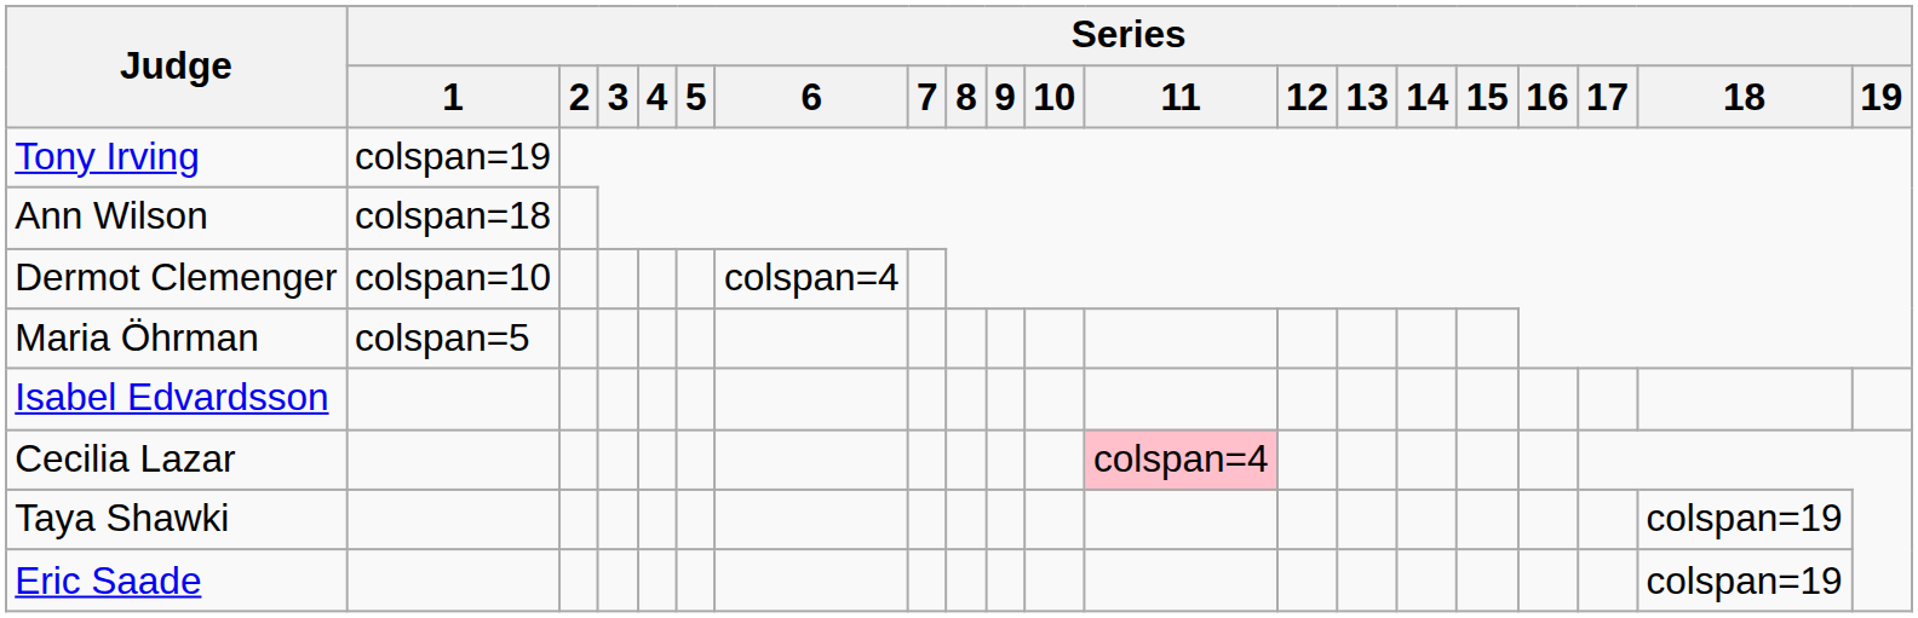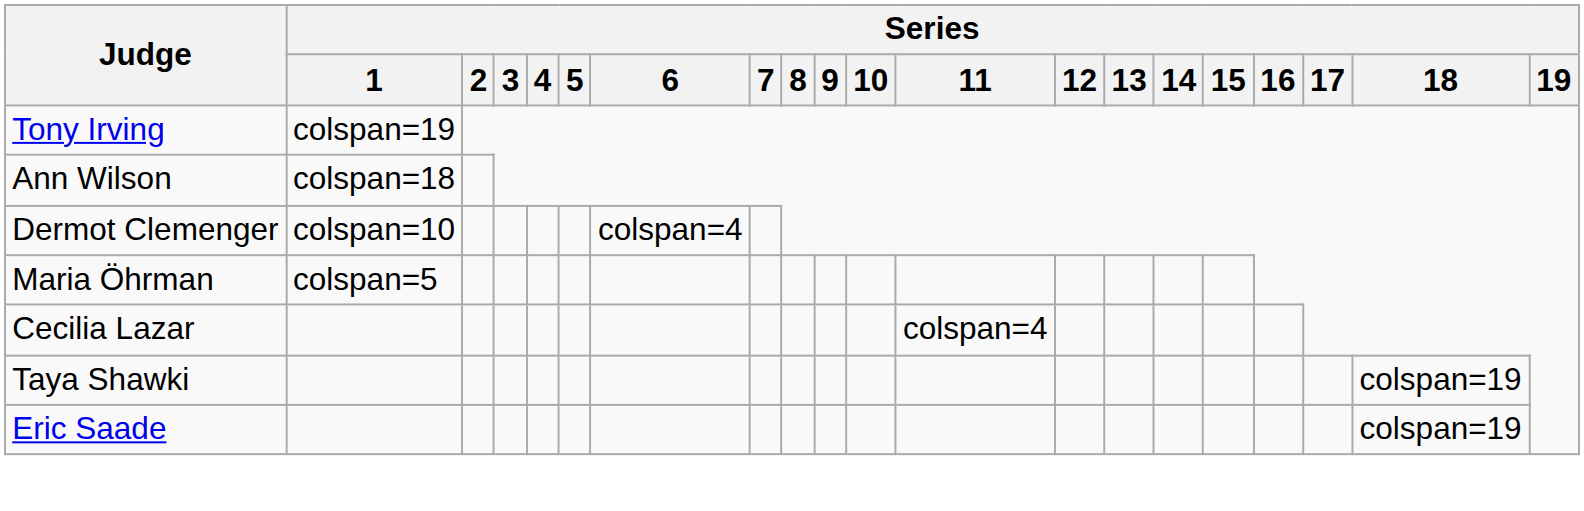 <table class="wikitable">
 <tr>
 <th rowspan="2">Judge</th>
 <th colspan="19" style="text-align:center;">Series</th>
 </tr>
 <tr>
 <th>1</th>
 <th>2</th>
 <th>3</th>
 <th>4</th>
 <th>5</th>
 <th>6</th>
 <th>7</th>
 <th>8</th>
 <th>9</th>
 <th>10</th>
 <th>11</th>
 <th>12</th>
 <th>13</th>
 <th>14</th>
 <th>15</th>
 <th>16</th>
 <th>17</th>
 <th>18</th>
 <th>19</th>
 </tr>
 <tr>
 <td><a href='#'>Tony Irving</a></td>
 <td>colspan=19 </td>
 </tr>
 <tr>
 <td>Ann Wilson</td>
 <td>colspan=18 </td>
 <td></td>
 </tr>
 <tr>
 <td>Dermot Clemenger</td>
 <td>colspan=10 </td>
 <td></td>
 <td></td>
 <td></td>
 <td></td>
 <td>colspan=4 </td>
 <td></td>
 </tr>
 <tr>
 <td>Maria Öhrman</td>
 <td>colspan=5 </td>
 <td></td>
 <td></td>
 <td></td>
 <td></td>
 <td></td>
 <td></td>
 <td></td>
 <td></td>
 <td></td>
 <td></td>
 <td></td>
 <td></td>
 <td></td>
 <td></td>
 </tr>
 <tr>
-<td><a href='#'>Isabel Edvardsson</a></td>
-<td></td>
-<td></td>
-<td></td>
-<td></td>
-<td></td>
-<td></td>
-<td></td>
-<td></td>
-<td></td>
-<td></td>
-<td></td>
-<td></td>
-<td></td>
-<td></td>
-<td></td>
-<td></td>
-<td></td>
-<td></td>
-<td></td>
-</tr>
-<tr>
 <td>Cecilia Lazar</td>
 <td></td>
 <td></td>
 <td></td>
 <td></td>
 <td></td>
 <td></td>
 <td></td>
 <td></td>
 <td></td>
 <td></td>
-<td style="background: pink;">colspan=4 </td>
+<td>colspan=4 </td>
 <td></td>
 <td></td>
 <td></td>
 <td></td>
 <td></td>
 </tr>
 <tr>
 <td>Taya Shawki</td>
 <td></td>
 <td></td>
 <td></td>
 <td></td>
 <td></td>
 <td></td>
 <td></td>
 <td></td>
 <td></td>
 <td></td>
 <td></td>
 <td></td>
 <td></td>
 <td></td>
 <td></td>
 <td></td>
 <td></td>
 <td>colspan=19 </td>
 </tr>
 <tr>
 <td><a href='#'>Eric Saade</a></td>
 <td></td>
 <td></td>
 <td></td>
 <td></td>
 <td></td>
 <td></td>
 <td></td>
 <td></td>
 <td></td>
 <td></td>
 <td></td>
 <td></td>
 <td></td>
 <td></td>
 <td></td>
 <td></td>
 <td></td>
 <td>colspan=19 </td>
 </tr>
 </table>
